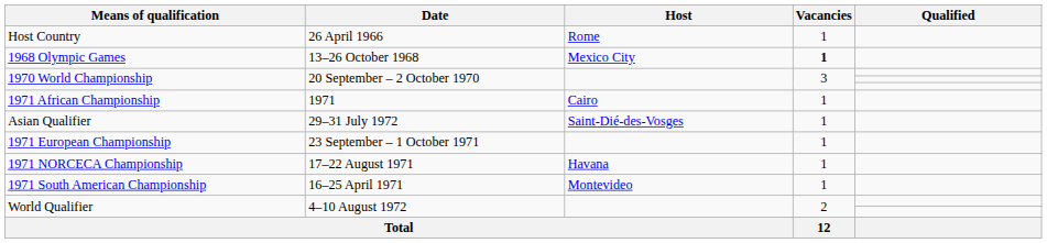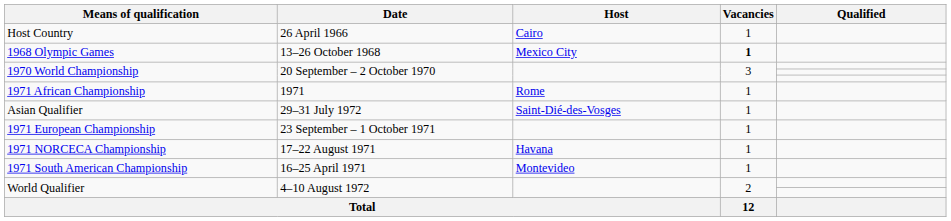 <table class="wikitable">
 <tr>
 <th width=29%>Means of qualification</th>
 <th width=25%>Date</th>
 <th width=22%>Host</th>
 <th width=6%>Vacancies</th>
 <th width=18%>Qualified</th>
 </tr>
 <tr>
 <td>Host Country</td>
 <td>26 April 1966</td>
-<td> <a href='#'>Rome</a></td>
+<td> <a href='#'>Cairo</a></td>
 <td align="center">1</td>
 <td></td>
 </tr>
 <tr>
 <td><a href='#'>1968 Olympic Games</a></td>
 <td>13–26 October 1968</td>
 <td> <a href='#'>Mexico City</a></td>
 <td align="center"><strong>1</strong></td>
 <td></td>
 </tr>
 <tr>
 <td rowspan="3"><a href='#'>1970 World Championship</a></td>
 <td rowspan="3">20 September – 2 October 1970</td>
 <td rowspan="3"></td>
 <td rowspan="3" align="center">3</td>
 <td></td>
 </tr>
 <tr>
 <td></td>
 </tr>
 <tr>
 <td></td>
 </tr>
 <tr>
 <td><a href='#'>1971 African Championship</a></td>
 <td>1971</td>
-<td> <a href='#'>Cairo</a></td>
+<td> <a href='#'>Rome</a></td>
 <td align="center">1</td>
 <td></td>
 </tr>
 <tr>
 <td>Asian Qualifier</td>
 <td>29–31 July 1972</td>
 <td> <a href='#'>Saint-Dié-des-Vosges</a></td>
 <td align="center">1</td>
 <td></td>
 </tr>
 <tr>
 <td><a href='#'>1971 European Championship</a></td>
 <td>23 September – 1 October 1971</td>
 <td></td>
 <td align="center">1</td>
 <td></td>
 </tr>
 <tr>
 <td><a href='#'>1971 NORCECA Championship</a></td>
 <td>17–22 August 1971</td>
 <td> <a href='#'>Havana</a></td>
 <td align="center">1</td>
 <td></td>
 </tr>
 <tr>
 <td><a href='#'>1971 South American Championship</a></td>
 <td>16–25 April 1971</td>
 <td> <a href='#'>Montevideo</a></td>
 <td align="center">1</td>
 <td></td>
 </tr>
 <tr>
 <td rowspan="2">World Qualifier</td>
 <td rowspan="2">4–10 August 1972</td>
 <td rowspan="2"></td>
 <td rowspan="2" align="center">2</td>
 <td></td>
 </tr>
 <tr>
 <td></td>
 </tr>
 <tr>
 <th colspan="3">Total</th>
 <th>12</th>
 <th></th>
 </tr>
 </table>
